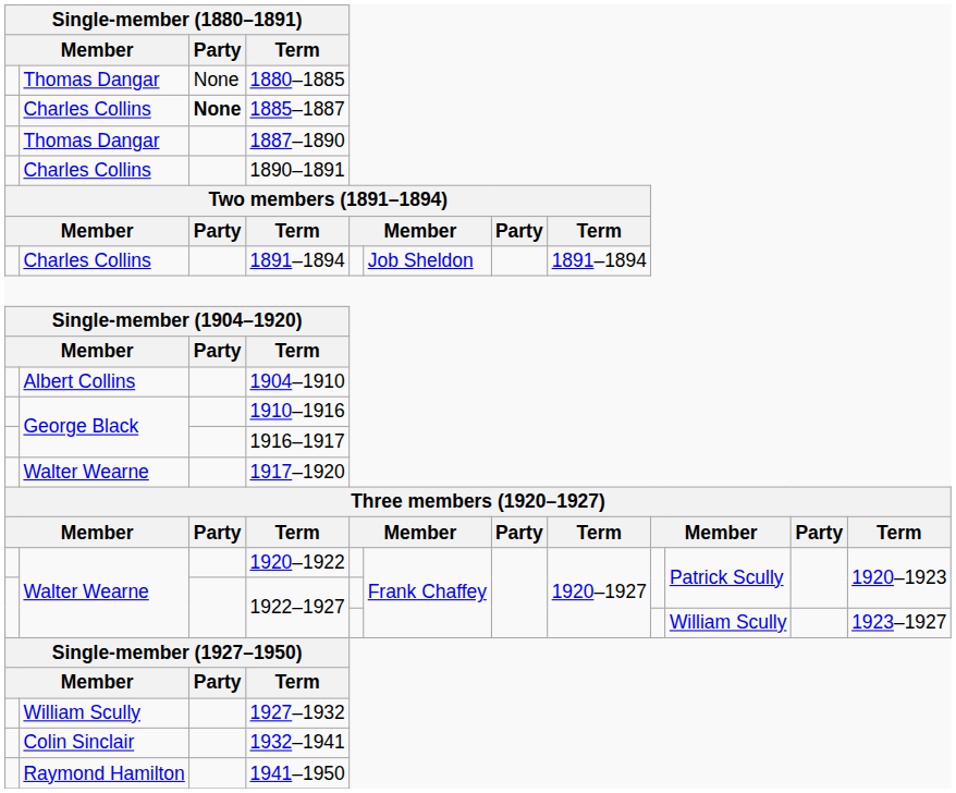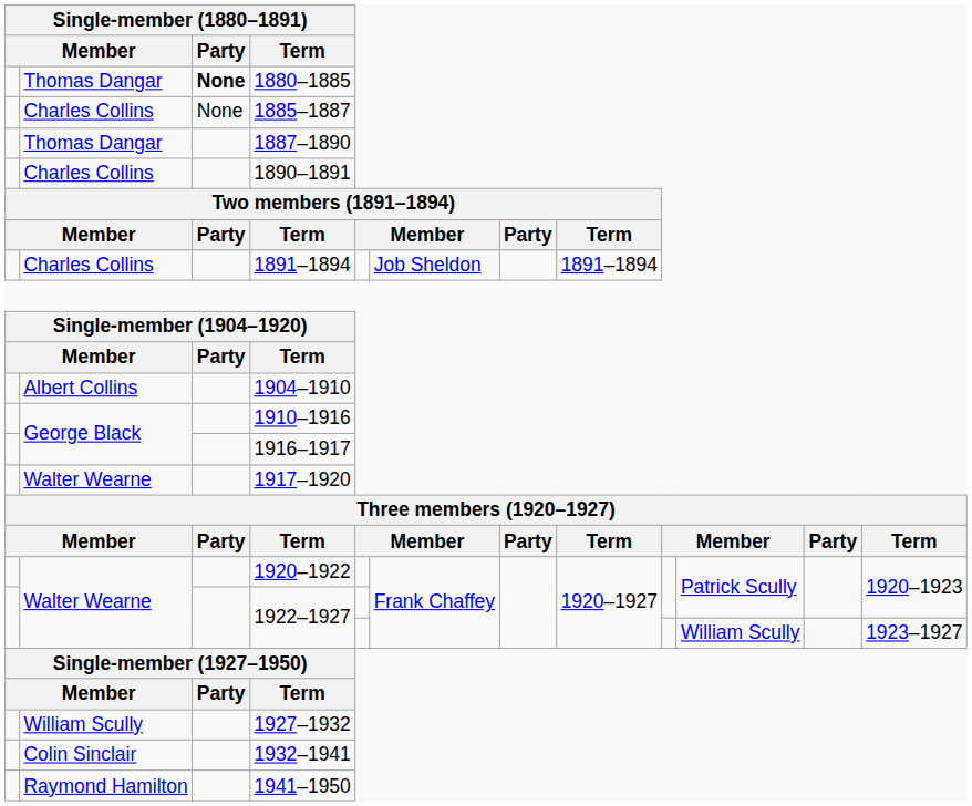 <table class="wikitable" style='border-style: none none none none;'>
 <tr>
 <th colspan="4">Single-member (1880–1891)</th>
 </tr>
 <tr>
 <th colspan="2">Member</th>
 <th>Party</th>
 <th>Term</th>
 </tr>
 <tr style="background: #f9f9f9">
 <td> </td>
 <td><a href='#'>Thomas Dangar</a></td>
-<td>None</td>
+<td><strong>None</strong></td>
 <td><a href='#'>1880</a>–1885</td>
 </tr>
 <tr style="background: #f9f9f9">
 <td> </td>
 <td><a href='#'>Charles Collins</a></td>
-<td><strong>None</strong></td>
+<td>None</td>
 <td><a href='#'>1885</a>–1887</td>
 </tr>
 <tr style="background: #f9f9f9">
 <td> </td>
 <td><a href='#'>Thomas Dangar</a></td>
 <td></td>
 <td><a href='#'>1887</a>–1890</td>
 </tr>
 <tr style="background: #f9f9f9">
 <td> </td>
 <td><a href='#'>Charles Collins</a></td>
 <td></td>
 <td>1890–1891</td>
 </tr>
 <tr>
 <th colspan="8">Two members (1891–1894)</th>
 </tr>
 <tr>
 <th colspan="2">Member</th>
 <th>Party</th>
 <th>Term</th>
 <th colspan="2">Member</th>
 <th>Party</th>
 <th>Term</th>
 </tr>
 <tr style="background: #f9f9f9">
 <td> </td>
 <td><a href='#'>Charles Collins</a></td>
 <td></td>
 <td><a href='#'>1891</a>–1894</td>
 <td> </td>
 <td><a href='#'>Job Sheldon</a></td>
 <td></td>
 <td><a href='#'>1891</a>–1894</td>
 </tr>
 <tr>
 <td colspan="4" style='border-style: none none none none;'> </td>
 </tr>
 <tr>
 <th colspan="4">Single-member (1904–1920)</th>
 </tr>
 <tr>
 <th colspan="2">Member</th>
 <th>Party</th>
 <th>Term</th>
 </tr>
 <tr style="background: #f9f9f9">
 <td> </td>
 <td><a href='#'>Albert Collins</a></td>
 <td></td>
 <td><a href='#'>1904</a>–1910</td>
 </tr>
 <tr style="background: #f9f9f9">
 <td> </td>
 <td rowspan="2"><a href='#'>George Black</a></td>
 <td></td>
 <td><a href='#'>1910</a>–1916</td>
 </tr>
 <tr style="background: #f9f9f9">
 <td> </td>
 <td></td>
 <td>1916–1917</td>
 </tr>
 <tr style="background: #f9f9f9">
 <td> </td>
 <td><a href='#'>Walter Wearne</a></td>
 <td></td>
 <td><a href='#'>1917</a>–1920</td>
 </tr>
 <tr>
 <th colspan="12">Three members (1920–1927)</th>
 </tr>
 <tr>
 <th colspan="2">Member</th>
 <th>Party</th>
 <th>Term</th>
 <th colspan="2">Member</th>
 <th>Party</th>
 <th>Term</th>
 <th colspan="2">Member</th>
 <th>Party</th>
 <th>Term</th>
 </tr>
 <tr style="background: #f9f9f9">
 <td> </td>
 <td rowspan="3"><a href='#'>Walter Wearne</a></td>
 <td></td>
 <td><a href='#'>1920</a>–1922</td>
 <td> </td>
 <td rowspan="3"><a href='#'>Frank Chaffey</a></td>
 <td rowspan="3"></td>
 <td rowspan="3"><a href='#'>1920</a>–1927</td>
 <td rowspan="2" > </td>
 <td rowspan="2"><a href='#'>Patrick Scully</a></td>
 <td rowspan="2"></td>
 <td rowspan="2"><a href='#'>1920</a>–1923</td>
 </tr>
 <tr style="background: #f9f9f9">
 <td rowspan="2" > </td>
 <td rowspan="2"></td>
 <td rowspan="2">1922–1927</td>
 <td> </td>
 </tr>
 <tr style="background: #f9f9f9">
 <td> </td>
 <td> </td>
 <td><a href='#'>William Scully</a></td>
 <td></td>
 <td><a href='#'>1923</a>–1927</td>
 </tr>
 <tr>
 <th colspan="4">Single-member (1927–1950)</th>
 </tr>
 <tr>
 <th colspan="2">Member</th>
 <th>Party</th>
 <th>Term</th>
 </tr>
 <tr style="background: #f9f9f9">
 <td> </td>
 <td><a href='#'>William Scully</a></td>
 <td></td>
 <td><a href='#'>1927</a>–1932</td>
 </tr>
 <tr style="background: #f9f9f9">
 <td> </td>
 <td><a href='#'>Colin Sinclair</a></td>
 <td></td>
 <td><a href='#'>1932</a>–1941</td>
 </tr>
 <tr style="background: #f9f9f9">
 <td> </td>
 <td><a href='#'>Raymond Hamilton</a></td>
 <td></td>
 <td><a href='#'>1941</a>–1950</td>
 </tr>
 </table>
